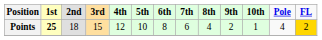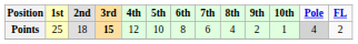 <table class="wikitable" style="font-size:85%; text-align:center">
 <tr>
 <th>Position</th>
 <td style="background:#ffffbf;"> <strong>1st</strong> </td>
 <td style="background:#dfdfdf;"> <strong>2nd</strong> </td>
 <td style="background:#ffdf9f;"> <strong>3rd</strong> </td>
 <td style="background:#dfffdf;"> <strong>4th</strong> </td>
 <td style="background:#dfffdf;"> <strong>5th</strong> </td>
 <td style="background:#dfffdf;"> <strong>6th</strong> </td>
 <td style="background:#dfffdf;"> <strong>7th</strong> </td>
 <td style="background:#dfffdf;"> <strong>8th</strong> </td>
 <td style="background:#dfffdf;"> <strong>9th</strong> </td>
 <td style="background:#dfffdf;"> <strong>10th</strong> </td>
 <td> <strong><a href='#'>Pole</a></strong> </td>
 <td> <strong><a href='#'>FL</a></strong> </td>
 </tr>
 <tr>
 <th>Points</th>
-<td style="background:#ffffbf;"><strong>25</strong></td>
+<td style="background:#ffffbf;">25</td>
 <td style="background:#dfdfdf;">18</td>
-<td style="background:#ffdf9f;">15</td>
+<td style="background:#ffdf9f;"><strong>15</strong></td>
 <td style="background:#dfffdf;">12</td>
 <td style="background:#dfffdf;">10</td>
 <td style="background:#dfffdf;">8</td>
 <td style="background:#dfffdf;">6</td>
 <td style="background:#dfffdf;">4</td>
 <td style="background:#dfffdf;">2</td>
 <td style="background:#dfffdf;">1</td>
-<td>4</td>
-<td style="background: gold;">2</td>
+<td style="background: lightgrey;">4</td>
+<td>2</td>
 </tr>
 <tr>
 </tr>
 </table>
